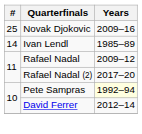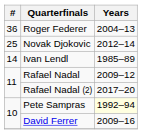 <table class="wikitable" style="display:inline-table;">
 <tr>
 <th width=20>#</th>
 <th>Quarterfinals</th>
 <th>Years</th>
 </tr>
 <tr>
+<td>36</td>
+<td> Roger Federer</td>
+<td>2004–13</td>
+</tr>
+<tr>
 <td>25</td>
 <td> Novak Djokovic</td>
-<td>2009–16</td>
+<td>2012–14</td>
 </tr>
 <tr>
 <td>14</td>
 <td> Ivan Lendl</td>
 <td>1985–89</td>
 </tr>
 <tr>
 <td rowspan="2">11</td>
 <td> Rafael Nadal</td>
 <td>2009–12</td>
 </tr>
 <tr>
 <td> Rafael Nadal <small>(2)</small></td>
 <td>2017–20</td>
 </tr>
 <tr>
 <td rowspan="2">10</td>
 <td> Pete Sampras</td>
 <td style="background: lightyellow;">1992–94</td>
 </tr>
 <tr>
 <td> <a href='#'>David Ferrer</a></td>
-<td>2012–14</td>
+<td>2009–16</td>
 </tr>
 <tr>
 </tr>
 </table>
